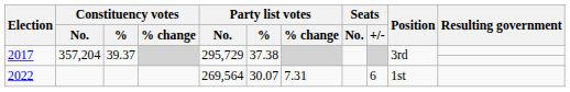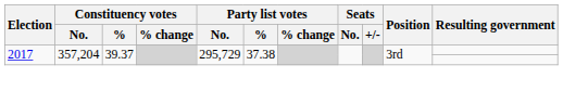 <table class="wikitable">
 <tr>
 <th rowspan="2" style="background-color:">Election</th>
 <th colspan="3" style="background-color:">Constituency votes</th>
 <th colspan="3" style="background-color:">Party list votes</th>
 <th colspan="2" style="background-color:">Seats</th>
 <th rowspan="2" style="background-color:">Position</th>
 <th rowspan="2" style="background-color:">Resulting government</th>
 </tr>
 <tr>
 <th style="background-color:">No.</th>
 <th style="background-color:">%</th>
 <th style="background-color:">% change</th>
 <th style="background-color:">No.</th>
 <th style="background-color:">%</th>
 <th style="background-color:">% change</th>
 <th style="background-color:">No.</th>
 <th style="background-color:">+/-</th>
 </tr>
 <tr>
 <td rowspan="2"><a href='#'>2017</a></td>
 <td rowspan="2">357,204</td>
 <td rowspan="2">39.37</td>
 <td rowspan="2" bgcolor="lightgrey"></td>
 <td rowspan="2">295,729</td>
 <td rowspan="2">37.38</td>
 <td rowspan="2" bgcolor="lightgrey"></td>
 <td rowspan="2"></td>
 <td rowspan="2" bgcolor="lightgrey"></td>
 <td rowspan="2">3rd</td>
 <td></td>
 </tr>
 <tr>
 <td></td>
 </tr>
-<tr>
-<td><a href='#'>2022</a></td>
-<td></td>
-<td></td>
-<td></td>
-<td>269,564</td>
-<td>30.07</td>
-<td> 7.31</td>
-<td></td>
-<td> 6</td>
-<td> 1st</td>
-<td></td>
-</tr>
 </table>
